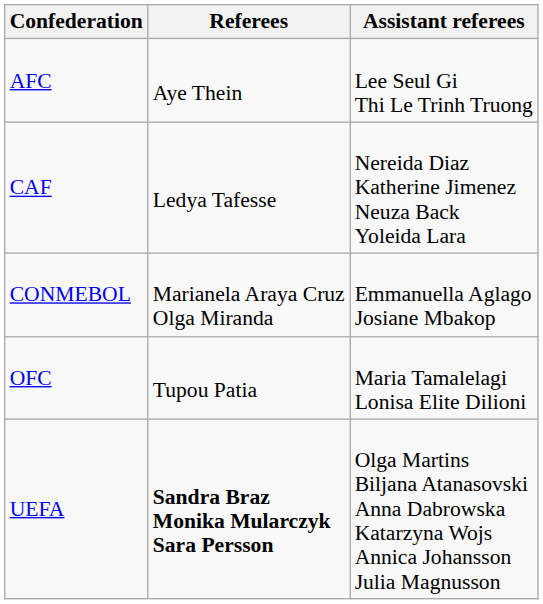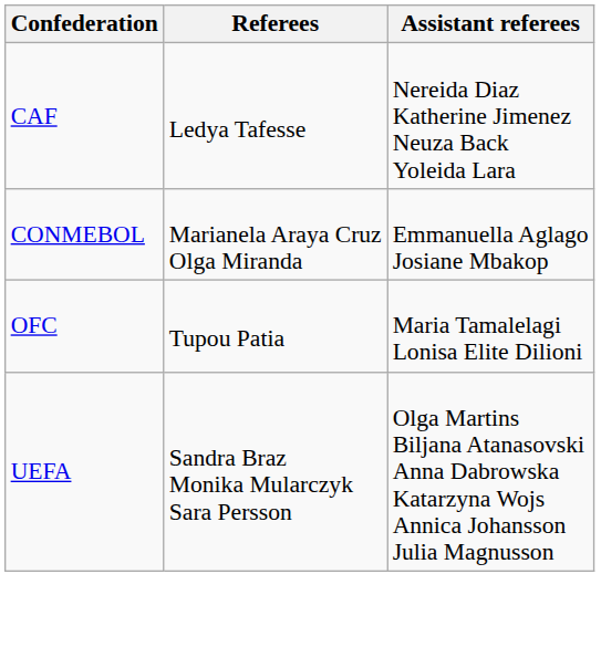 <table class="wikitable">
 <tr>
 <th>Confederation</th>
 <th>Referees</th>
 <th>Assistant referees</th>
-</tr>
-<tr>
-<td><a href='#'>AFC</a></td>
-<td><br> Aye Thein</td>
-<td><br> Lee Seul Gi<br>  Thi Le Trinh Truong</td>
 </tr>
 <tr>
 <td><a href='#'>CAF</a></td>
 <td><br> Ledya Tafesse</td>
 <td><br> Nereida Diaz<br>  Katherine Jimenez<br>  Neuza Back<br>  Yoleida Lara</td>
 </tr>
 <tr>
 <td><a href='#'>CONMEBOL</a></td>
 <td><br> Marianela Araya Cruz<br>  Olga Miranda</td>
 <td><br> Emmanuella Aglago<br>  Josiane Mbakop</td>
 </tr>
 <tr>
 <td><a href='#'>OFC</a></td>
 <td><br> Tupou Patia</td>
 <td><br> Maria Tamalelagi<br>  Lonisa Elite Dilioni</td>
 </tr>
 <tr>
 <td><a href='#'>UEFA</a></td>
-<td><strong><br> Sandra Braz<br>  Monika Mularczyk<br>  Sara Persson</strong></td>
+<td><br> Sandra Braz<br>  Monika Mularczyk<br>  Sara Persson</td>
 <td><br> Olga Martins<br>  Biljana Atanasovski<br>  Anna Dabrowska<br>  Katarzyna Wojs<br>  Annica Johansson<br>  Julia Magnusson</td>
 </tr>
 </table>
